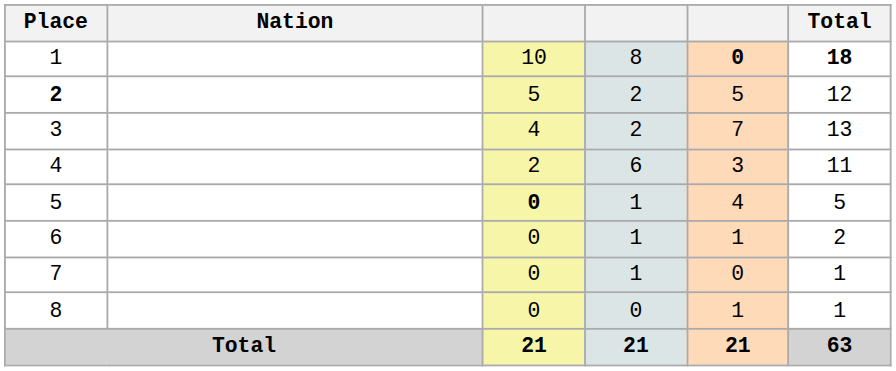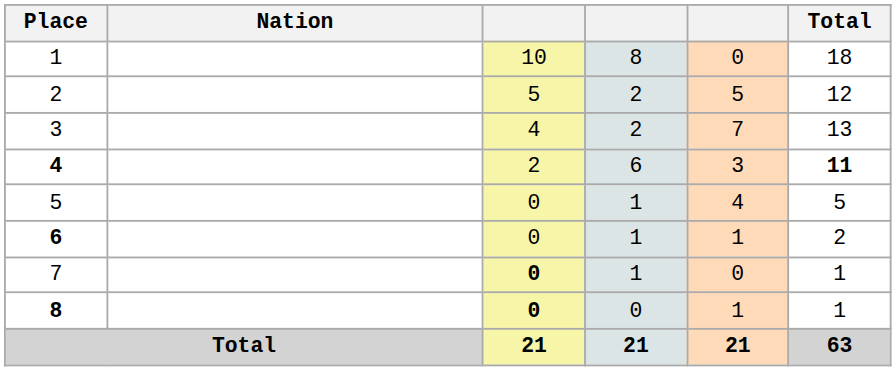 <table class=wikitable style="border:1px solid #AAAAAA;font-size:90%">
 <tr bgcolor="#EFEFEF">
 <th width=50>Place</th>
 <th width=200>Nation</th>
 <th width=50></th>
 <th width=50></th>
 <th width=50></th>
 <th width=50>Total</th>
 </tr>
 <tr align="center" valign="top" bgcolor="#FFFFFF">
 <td>1</td>
 <td align="left"></td>
 <td style="background:#F7F6A8;">10</td>
 <td style="background:#DCE5E5;">8</td>
-<td style="background:#FFDAB9;"><strong>0</strong></td>
-<td><strong>18</strong></td>
+<td style="background:#FFDAB9;">0</td>
+<td>18</td>
 </tr>
 <tr align="center" valign="top" bgcolor="#FFFFFF">
-<td><strong>2</strong></td>
+<td>2</td>
 <td align="left"></td>
 <td style="background:#F7F6A8;">5</td>
 <td style="background:#DCE5E5;">2</td>
 <td style="background:#FFDAB9;">5</td>
 <td>12</td>
 </tr>
 <tr align="center" valign="top" bgcolor="#FFFFFF">
 <td>3</td>
 <td align="left"></td>
 <td style="background:#F7F6A8;">4</td>
 <td style="background:#DCE5E5;">2</td>
 <td style="background:#FFDAB9;">7</td>
 <td>13</td>
 </tr>
 <tr align="center" valign="top" bgcolor="#FFFFFF">
-<td>4</td>
+<td><strong>4</strong></td>
 <td align="left"></td>
 <td style="background:#F7F6A8;">2</td>
 <td style="background:#DCE5E5;">6</td>
 <td style="background:#FFDAB9;">3</td>
-<td>11</td>
+<td><strong>11</strong></td>
 </tr>
 <tr align="center" valign="top" bgcolor="#FFFFFF">
 <td>5</td>
 <td align="left"></td>
-<td style="background:#F7F6A8;"><strong>0</strong></td>
+<td style="background:#F7F6A8;">0</td>
 <td style="background:#DCE5E5;">1</td>
 <td style="background:#FFDAB9;">4</td>
 <td>5</td>
 </tr>
 <tr align="center" valign="top" bgcolor="#FFFFFF">
-<td>6</td>
+<td><strong>6</strong></td>
 <td align="left"></td>
 <td style="background:#F7F6A8;">0</td>
 <td style="background:#DCE5E5;">1</td>
 <td style="background:#FFDAB9;">1</td>
 <td>2</td>
 </tr>
 <tr align="center" valign="top" bgcolor="#FFFFFF">
 <td>7</td>
 <td align="left"></td>
-<td style="background:#F7F6A8;">0</td>
+<td style="background:#F7F6A8;"><strong>0</strong></td>
 <td style="background:#DCE5E5;">1</td>
 <td style="background:#FFDAB9;">0</td>
 <td>1</td>
 </tr>
 <tr align="center" valign="top" bgcolor="#FFFFFF">
-<td>8</td>
+<td><strong>8</strong></td>
 <td align="left"></td>
-<td style="background:#F7F6A8;">0</td>
+<td style="background:#F7F6A8;"><strong>0</strong></td>
 <td style="background:#DCE5E5;">0</td>
 <td style="background:#FFDAB9;">1</td>
 <td>1</td>
 </tr>
 <tr align="center">
 <td colspan="2" bgcolor=D3D3D3><strong>Total</strong></td>
 <td style="background:#F7F6A8;"><strong>21</strong></td>
 <td style="background:#DCE5E5;"><strong>21</strong></td>
 <td style="background:#FFDAB9;"><strong>21</strong></td>
 <td bgcolor=D3D3D3><strong>63</strong></td>
 </tr>
 </table>
